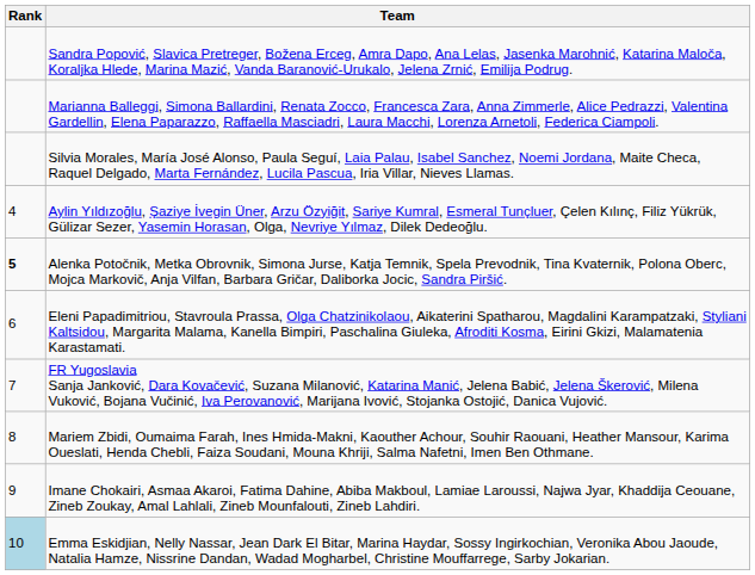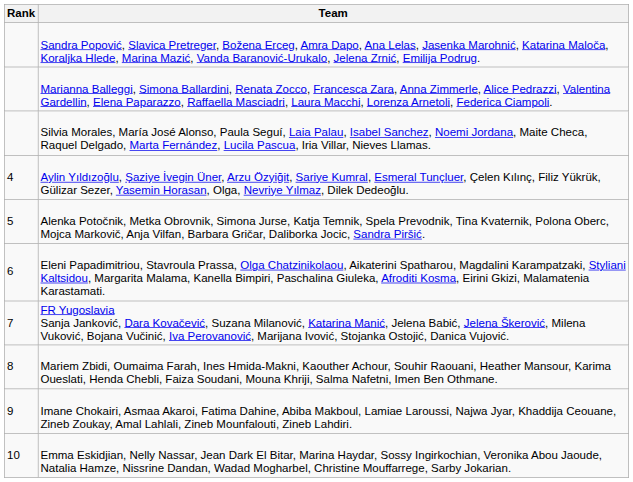 <table class="wikitable" border="1">
 <tr>
 <th>Rank</th>
 <th>Team</th>
 </tr>
 <tr>
 <td></td>
 <td><br><a href='#'>Sandra Popović</a>, <a href='#'>Slavica Pretreger</a>, <a href='#'>Božena Erceg</a>, <a href='#'>Amra Dapo</a>, <a href='#'>Ana Lelas</a>, <a href='#'>Jasenka Marohnić</a>, <a href='#'>Katarina Maloča</a>, <a href='#'>Koraljka Hlede</a>, <a href='#'>Marina Mazić</a>, <a href='#'>Vanda Baranović-Urukalo</a>, <a href='#'>Jelena Zrnić</a>, <a href='#'>Emilija Podrug</a>.</td>
 </tr>
 <tr>
 <td></td>
 <td><br><a href='#'>Marianna Balleggi</a>, <a href='#'>Simona Ballardini</a>, <a href='#'>Renata Zocco</a>, <a href='#'>Francesca Zara</a>, <a href='#'>Anna Zimmerle</a>, <a href='#'>Alice Pedrazzi</a>, <a href='#'>Valentina Gardellin</a>, <a href='#'>Elena Paparazzo</a>, <a href='#'>Raffaella Masciadri</a>, <a href='#'>Laura Macchi</a>, <a href='#'>Lorenza Arnetoli</a>, <a href='#'>Federica Ciampoli</a>.</td>
 </tr>
 <tr>
 <td></td>
 <td><br>Silvia Morales, María José Alonso, Paula Seguí, <a href='#'>Laia Palau</a>, <a href='#'>Isabel Sanchez</a>, <a href='#'>Noemi Jordana</a>, Maite Checa, Raquel Delgado, <a href='#'>Marta Fernández</a>, <a href='#'>Lucila Pascua</a>, Iria Villar, Nieves Llamas.</td>
 </tr>
 <tr>
 <td>4</td>
 <td><br><a href='#'>Aylin Yıldızoğlu</a>, <a href='#'>Şaziye İvegin Üner</a>, <a href='#'>Arzu Özyiğit</a>, <a href='#'>Sariye Kumral</a>, <a href='#'>Esmeral Tunçluer</a>, Çelen Kılınç, Filiz Yükrük, Gülizar Sezer, <a href='#'>Yasemin Horasan</a>, Olga, <a href='#'>Nevriye Yılmaz</a>, Dilek Dedeoğlu.</td>
 </tr>
 <tr>
-<td><strong>5</strong></td>
+<td>5</td>
 <td><br>Alenka Potočnik, Metka Obrovnik, Simona Jurse, Katja Temnik, Spela Prevodnik, Tina Kvaternik, Polona Oberc, Mojca Markovič, Anja Vilfan, Barbara Gričar, Daliborka Jocic, <a href='#'>Sandra Piršić</a>.</td>
 </tr>
 <tr>
 <td>6</td>
 <td><br>Eleni Papadimitriou, Stavroula Prassa, <a href='#'>Olga Chatzinikolaou</a>, Aikaterini Spatharou, Magdalini Karampatzaki, <a href='#'>Styliani Kaltsidou</a>, Margarita Malama, Kanella Bimpiri, Paschalina Giuleka, <a href='#'>Afroditi Kosma</a>, Eirini Gkizi, Malamatenia Karastamati.</td>
 </tr>
 <tr>
 <td>7</td>
 <td> <a href='#'>FR Yugoslavia</a><br>Sanja Janković, <a href='#'>Dara Kovačević</a>, Suzana Milanović, <a href='#'>Katarina Manić</a>, Jelena Babić, <a href='#'>Jelena Škerović</a>, Milena Vuković, Bojana Vučinić, <a href='#'>Iva Perovanović</a>, Marijana Ivović, Stojanka Ostojić, Danica Vujović.</td>
 </tr>
 <tr>
 <td>8</td>
 <td><br>Mariem Zbidi, Oumaima Farah, Ines Hmida-Makni, Kaouther Achour, Souhir Raouani, Heather Mansour, Karima Oueslati, Henda Chebli, Faiza Soudani, Mouna Khriji, Salma Nafetni, Imen Ben Othmane.</td>
 </tr>
 <tr>
 <td>9</td>
 <td><br>Imane Chokairi, Asmaa Akaroi, Fatima Dahine, Abiba Makboul, Lamiae Laroussi, Najwa Jyar, Khaddija Ceouane, Zineb Zoukay, Amal Lahlali, Zineb Mounfalouti, Zineb Lahdiri.</td>
 </tr>
 <tr>
-<td style="background: lightblue;">10</td>
+<td>10</td>
 <td><br>Emma Eskidjian, Nelly Nassar, Jean Dark El Bitar, Marina Haydar, Sossy Ingirkochian, Veronika Abou Jaoude, Natalia Hamze, Nissrine Dandan, Wadad Mogharbel, Christine Mouffarrege, Sarby Jokarian.</td>
 </tr>
 </table>
